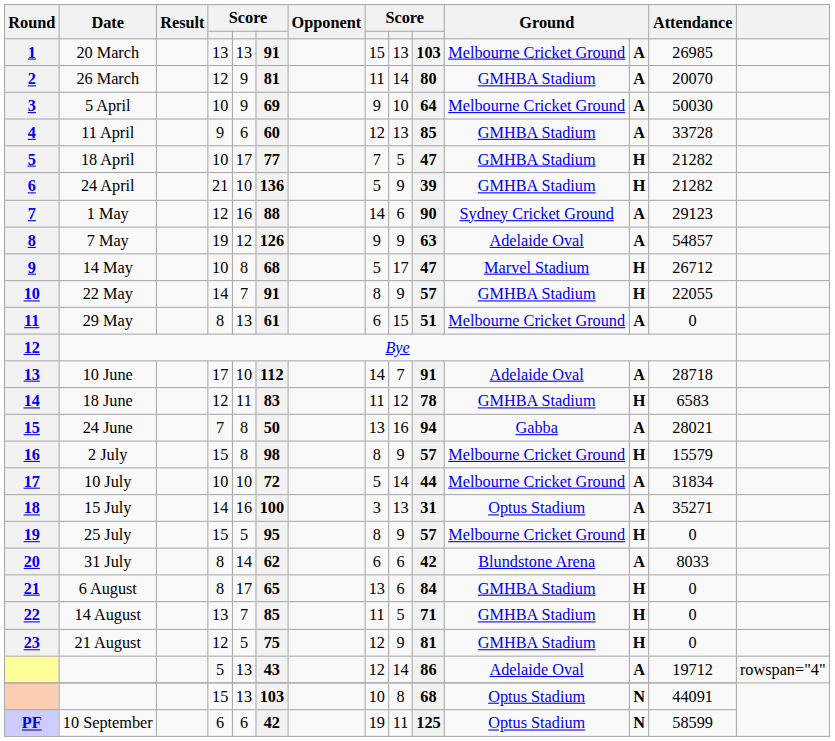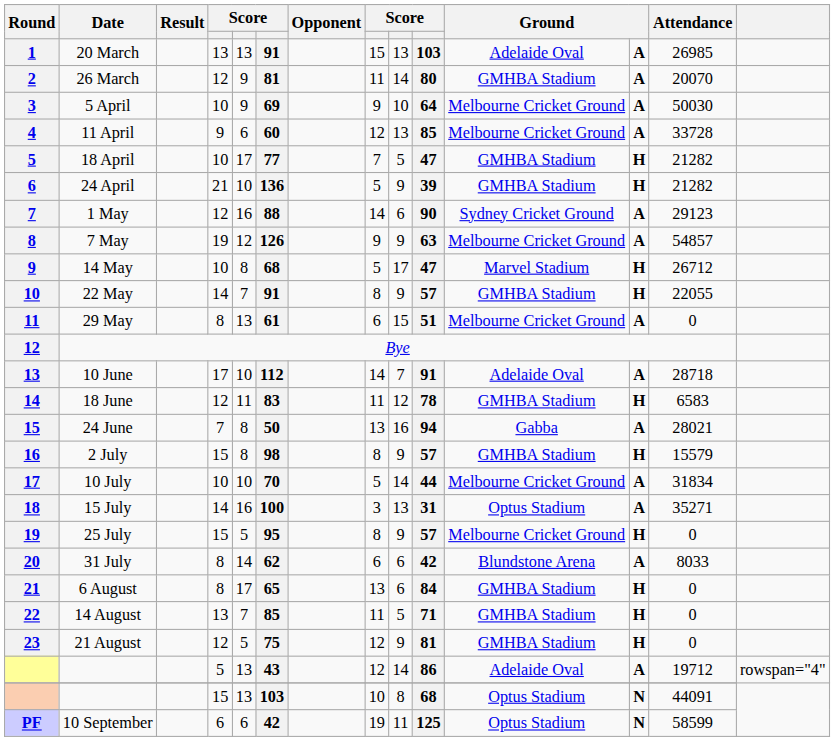 <table class="wikitable plainrowheaders" style="font-size:95%; text-align:center;">
 <tr>
 <th scope="col" rowspan="2">Round</th>
 <th scope="col" rowspan="2">Date</th>
 <th scope="col" rowspan="2">Result</th>
 <th scope="col" colspan="3">Score</th>
 <th scope="col" rowspan="2">Opponent</th>
 <th scope="col" colspan="3">Score</th>
 <th scope="col" rowspan="2" colspan="2">Ground</th>
 <th scope="col" rowspan="2">Attendance</th>
 <th scope="col" rowspan="2"></th>
 </tr>
 <tr>
 <th scope="col"></th>
 <th scope="col"></th>
 <th scope="col"></th>
 <th scope="col"></th>
 <th scope="col"></th>
 <th scope="col"></th>
 </tr>
 <tr>
 <th scope="row" style="text-align:center;"><a href='#'>1</a></th>
 <td>20 March</td>
 <td></td>
 <td>13</td>
 <td>13</td>
 <th>91</th>
 <td></td>
 <td>15</td>
 <td>13</td>
 <th>103</th>
-<td><a href='#'>Melbourne Cricket Ground</a></td>
+<td><a href='#'>Adelaide Oval</a></td>
 <td><strong>A</strong></td>
 <td>26985</td>
 <td></td>
 </tr>
 <tr>
 <th scope="row" style="text-align:center;"><a href='#'>2</a></th>
 <td>26 March</td>
 <td></td>
 <td>12</td>
 <td>9</td>
 <th>81</th>
 <td></td>
 <td>11</td>
 <td>14</td>
 <th>80</th>
 <td><a href='#'>GMHBA Stadium</a></td>
 <td><strong>A</strong></td>
 <td>20070</td>
 <td></td>
 </tr>
 <tr>
 <th scope="row" style="text-align:center;"><a href='#'>3</a></th>
 <td>5 April</td>
 <td></td>
 <td>10</td>
 <td>9</td>
 <th>69</th>
 <td></td>
 <td>9</td>
 <td>10</td>
 <th>64</th>
 <td><a href='#'>Melbourne Cricket Ground</a></td>
 <td><strong>A</strong></td>
 <td>50030</td>
 <td></td>
 </tr>
 <tr>
 <th scope="row" style="text-align:center;"><a href='#'>4</a></th>
 <td>11 April</td>
 <td></td>
 <td>9</td>
 <td>6</td>
 <th>60</th>
 <td></td>
 <td>12</td>
 <td>13</td>
 <th>85</th>
-<td><a href='#'>GMHBA Stadium</a></td>
+<td><a href='#'>Melbourne Cricket Ground</a></td>
 <td><strong>A</strong></td>
 <td>33728</td>
 <td></td>
 </tr>
 <tr>
 <th scope="row" style="text-align:center;"><a href='#'>5</a></th>
 <td>18 April</td>
 <td></td>
 <td>10</td>
 <td>17</td>
 <th>77</th>
 <td></td>
 <td>7</td>
 <td>5</td>
 <th>47</th>
 <td><a href='#'>GMHBA Stadium</a></td>
 <td><strong>H</strong></td>
 <td>21282</td>
 <td></td>
 </tr>
 <tr>
 <th scope="row" style="text-align:center;"><a href='#'>6</a></th>
 <td>24 April</td>
 <td></td>
 <td>21</td>
 <td>10</td>
 <th>136</th>
 <td></td>
 <td>5</td>
 <td>9</td>
 <th>39</th>
 <td><a href='#'>GMHBA Stadium</a></td>
 <td><strong>H</strong></td>
 <td>21282</td>
 <td></td>
 </tr>
 <tr>
 <th scope="row" style="text-align:center;"><a href='#'>7</a></th>
 <td>1 May</td>
 <td></td>
 <td>12</td>
 <td>16</td>
 <th>88</th>
 <td></td>
 <td>14</td>
 <td>6</td>
 <th>90</th>
 <td><a href='#'>Sydney Cricket Ground</a></td>
 <td><strong>A</strong></td>
 <td>29123</td>
 <td></td>
 </tr>
 <tr>
 <th scope="row" style="text-align:center;"><a href='#'>8</a></th>
 <td>7 May</td>
 <td></td>
 <td>19</td>
 <td>12</td>
 <th>126</th>
 <td></td>
 <td>9</td>
 <td>9</td>
 <th>63</th>
-<td><a href='#'>Adelaide Oval</a></td>
+<td><a href='#'>Melbourne Cricket Ground</a></td>
 <td><strong>A</strong></td>
 <td>54857</td>
 <td></td>
 </tr>
 <tr>
 <th scope="row" style="text-align:center;"><a href='#'>9</a></th>
 <td>14 May</td>
 <td></td>
 <td>10</td>
 <td>8</td>
 <th>68</th>
 <td></td>
 <td>5</td>
 <td>17</td>
 <th>47</th>
 <td><a href='#'>Marvel Stadium</a></td>
 <td><strong>H</strong></td>
 <td>26712</td>
 <td></td>
 </tr>
 <tr>
 <th scope="row" style="text-align:center;"><a href='#'>10</a></th>
 <td>22 May</td>
 <td></td>
 <td>14</td>
 <td>7</td>
 <th>91</th>
 <td></td>
 <td>8</td>
 <td>9</td>
 <th>57</th>
 <td><a href='#'>GMHBA Stadium</a></td>
 <td><strong>H</strong></td>
 <td>22055</td>
 <td></td>
 </tr>
 <tr>
 <th scope="row" style="text-align:center;"><a href='#'>11</a></th>
 <td>29 May</td>
 <td></td>
 <td>8</td>
 <td>13</td>
 <th>61</th>
 <td></td>
 <td>6</td>
 <td>15</td>
 <th>51</th>
 <td><a href='#'>Melbourne Cricket Ground</a></td>
 <td><strong>A</strong></td>
 <td>0</td>
 <td></td>
 </tr>
 <tr>
 <th scope="row" style="text-align:center;"><a href='#'>12</a></th>
 <td colspan="12"> <em><a href='#'>Bye</a></em></td>
 <td></td>
 </tr>
 <tr>
 <th scope="row" style="text-align:center;"><a href='#'>13</a></th>
 <td>10 June</td>
 <td></td>
 <td>17</td>
 <td>10</td>
 <th>112</th>
 <td></td>
 <td>14</td>
 <td>7</td>
 <th>91</th>
 <td><a href='#'>Adelaide Oval</a></td>
 <td><strong>A</strong></td>
 <td>28718</td>
 <td></td>
 </tr>
 <tr>
 <th scope="row" style="text-align:center;"><a href='#'>14</a></th>
 <td>18 June</td>
 <td></td>
 <td>12</td>
 <td>11</td>
 <th>83</th>
 <td></td>
 <td>11</td>
 <td>12</td>
 <th>78</th>
 <td><a href='#'>GMHBA Stadium</a></td>
 <td><strong>H</strong></td>
 <td>6583</td>
 <td></td>
 </tr>
 <tr>
 <th scope="row" style="text-align:center;"><a href='#'>15</a></th>
 <td>24 June</td>
 <td></td>
 <td>7</td>
 <td>8</td>
 <th>50</th>
 <td></td>
 <td>13</td>
 <td>16</td>
 <th>94</th>
 <td><a href='#'>Gabba</a></td>
 <td><strong>A</strong></td>
 <td>28021</td>
 <td></td>
 </tr>
 <tr>
 <th scope="row" style="text-align:center;"><a href='#'>16</a></th>
 <td>2 July</td>
 <td></td>
 <td>15</td>
 <td>8</td>
 <th>98</th>
 <td></td>
 <td>8</td>
 <td>9</td>
 <th>57</th>
-<td><a href='#'>Melbourne Cricket Ground</a></td>
+<td><a href='#'>GMHBA Stadium</a></td>
 <td><strong>H</strong></td>
 <td>15579</td>
 <td></td>
 </tr>
 <tr>
 <th scope="row" style="text-align:center;"><a href='#'>17</a></th>
 <td>10 July</td>
 <td></td>
 <td>10</td>
 <td>10</td>
-<th>72</th>
+<th>70</th>
 <td></td>
 <td>5</td>
 <td>14</td>
 <th>44</th>
 <td><a href='#'>Melbourne Cricket Ground</a></td>
 <td><strong>A</strong></td>
 <td>31834</td>
 <td></td>
 </tr>
 <tr>
 <th scope="row" style="text-align:center;"><a href='#'>18</a></th>
 <td>15 July</td>
 <td></td>
 <td>14</td>
 <td>16</td>
 <th>100</th>
 <td></td>
 <td>3</td>
 <td>13</td>
 <th>31</th>
 <td><a href='#'>Optus Stadium</a></td>
 <td><strong>A</strong></td>
 <td>35271</td>
 <td></td>
 </tr>
 <tr>
 <th scope="row" style="text-align:center;"><a href='#'>19</a></th>
 <td>25 July</td>
 <td></td>
 <td>15</td>
 <td>5</td>
 <th>95</th>
 <td></td>
 <td>8</td>
 <td>9</td>
 <th>57</th>
 <td><a href='#'>Melbourne Cricket Ground</a></td>
 <td><strong>H</strong></td>
 <td>0</td>
 <td></td>
 </tr>
 <tr>
 <th scope="row" style="text-align:center;"><a href='#'>20</a></th>
 <td>31 July</td>
 <td></td>
 <td>8</td>
 <td>14</td>
 <th>62</th>
 <td></td>
 <td>6</td>
 <td>6</td>
 <th>42</th>
 <td><a href='#'>Blundstone Arena</a></td>
 <td><strong>A</strong></td>
 <td>8033</td>
 <td></td>
 </tr>
 <tr>
 <th scope="row" style="text-align:center;"><a href='#'>21</a></th>
 <td>6 August</td>
 <td></td>
 <td>8</td>
 <td>17</td>
 <th>65</th>
 <td></td>
 <td>13</td>
 <td>6</td>
 <th>84</th>
 <td><a href='#'>GMHBA Stadium</a></td>
 <td><strong>H</strong></td>
 <td>0</td>
 <td></td>
 </tr>
 <tr>
 <th scope="row" style="text-align:center;"><a href='#'>22</a></th>
 <td>14 August</td>
 <td></td>
 <td>13</td>
 <td>7</td>
 <th>85</th>
 <td></td>
 <td>11</td>
 <td>5</td>
 <th>71</th>
 <td><a href='#'>GMHBA Stadium</a></td>
 <td><strong>H</strong></td>
 <td>0</td>
 <td></td>
 </tr>
 <tr>
 <th scope="row" style="text-align:center;"><a href='#'>23</a></th>
 <td>21 August</td>
 <td></td>
 <td>12</td>
 <td>5</td>
 <th>75</th>
 <td></td>
 <td>12</td>
 <td>9</td>
 <th>81</th>
 <td><a href='#'>GMHBA Stadium</a></td>
 <td><strong>H</strong></td>
 <td>0</td>
 <td></td>
 </tr>
 <tr>
 <th scope="row" style="background:#ff9; text-align:center;"></th>
 <td></td>
 <td></td>
 <td>5</td>
 <td>13</td>
 <th>43</th>
 <td></td>
 <td>12</td>
 <td>14</td>
 <th>86</th>
 <td><a href='#'>Adelaide Oval</a></td>
 <td><strong>A</strong></td>
 <td>19712</td>
 <td>rowspan="4" </td>
 </tr>
 <tr>
 </tr>
 <tr>
 <th scope="row" style="background:#FBCEB1; text-align:center;"></th>
 <td></td>
 <td></td>
 <td>15</td>
 <td>13</td>
 <th>103</th>
 <td></td>
 <td>10</td>
 <td>8</td>
 <th>68</th>
 <td><a href='#'>Optus Stadium</a></td>
 <td><strong>N</strong></td>
 <td>44091</td>
 </tr>
 <tr>
 <th scope="row" style="background:#CCCCFF; text-align:center;"><a href='#'>PF</a></th>
 <td>10 September</td>
 <td></td>
 <td>6</td>
 <td>6</td>
 <th>42</th>
 <td></td>
 <td>19</td>
 <td>11</td>
 <th>125</th>
 <td><a href='#'>Optus Stadium</a></td>
 <td><strong>N</strong></td>
 <td>58599</td>
 </tr>
 </table>
